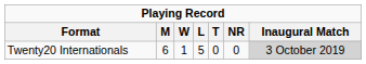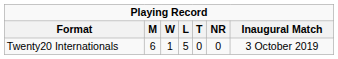 <table class="wikitable" style="text-align: center; width: 500px;">
 <tr>
 <td colspan=7 align="center"><strong>Playing Record</strong></td>
 </tr>
 <tr>
 <th>Format</th>
 <th>M</th>
 <th>W</th>
 <th>L</th>
 <th>T</th>
 <th>NR</th>
 <th>Inaugural Match</th>
 </tr>
 <tr>
 <td align="left">Twenty20 Internationals</td>
 <td>6</td>
 <td>1</td>
 <td>5</td>
 <td>0</td>
 <td>0</td>
-<td style="background: lightgrey;">3 October 2019</td>
+<td>3 October 2019</td>
 </tr>
 </table>
